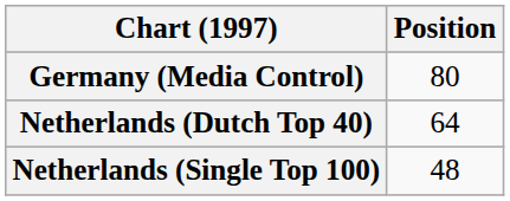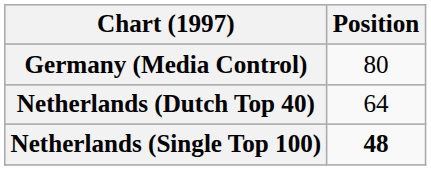 <table class="wikitable sortable plainrowheaders" style="text-align:center">
 <tr>
 <th scope="col">Chart (1997)</th>
 <th scope="col">Position</th>
 </tr>
 <tr>
 <th scope="row">Germany (Media Control)</th>
 <td>80</td>
 </tr>
 <tr>
 <th scope="row">Netherlands (Dutch Top 40)</th>
 <td>64</td>
 </tr>
 <tr>
 <th scope="row">Netherlands (Single Top 100)</th>
-<td>48</td>
+<td><strong>48</strong></td>
 </tr>
 </table>
